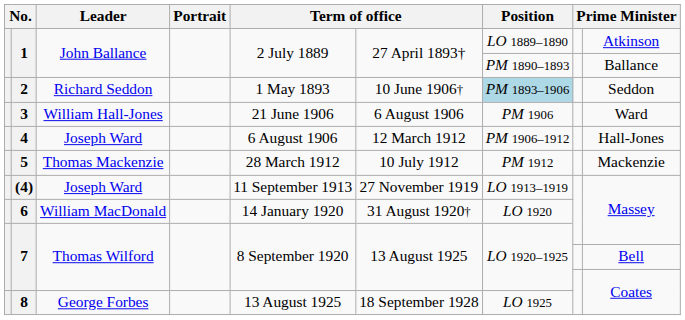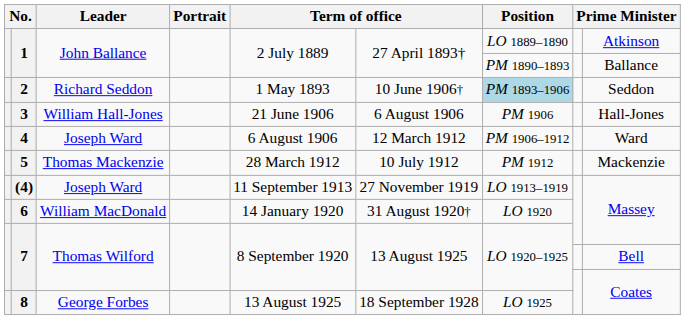 <table class="wikitable" style="text-align:center">
 <tr>
 <th colspan=2>No.</th>
 <th>Leader</th>
 <th>Portrait</th>
 <th colspan=2>Term of office</th>
 <th>Position</th>
 <th colspan=2>Prime Minister</th>
 </tr>
 <tr>
 <th rowspan=2 style="background:"></th>
 <th rowspan=2>1</th>
 <td rowspan=2><a href='#'>John Ballance</a></td>
 <td rowspan=2></td>
 <td rowspan=2>2 July 1889</td>
 <td rowspan=2>27 April 1893†</td>
 <td><em>LO</em> <small>1889–1890</small></td>
 <td style="background:"></td>
 <td><a href='#'>Atkinson</a></td>
 </tr>
 <tr>
 <td><em>PM</em> <small>1890–1893</small></td>
 <td style="background:"></td>
 <td>Ballance</td>
 </tr>
 <tr>
 <th style="background:"></th>
 <th>2</th>
 <td><a href='#'>Richard Seddon</a></td>
 <td></td>
 <td>1 May 1893</td>
 <td>10 June 1906<small>†</small></td>
 <td style="background: lightblue;"><em>PM</em> <small>1893–1906</small></td>
 <td style="background:"></td>
 <td>Seddon</td>
 </tr>
 <tr>
 <th style="background:"></th>
 <th>3</th>
 <td><a href='#'>William Hall-Jones</a></td>
 <td></td>
 <td>21 June 1906</td>
 <td>6 August 1906</td>
 <td><em>PM</em> <small>1906</small></td>
 <td style="background:"></td>
-<td>Ward</td>
+<td>Hall-Jones</td>
 </tr>
 <tr>
 <th style="background:"></th>
 <th>4</th>
 <td><a href='#'>Joseph Ward</a></td>
 <td></td>
 <td>6 August 1906</td>
 <td>12 March 1912</td>
 <td><em>PM</em> <small>1906–1912</small></td>
 <td style="background:"></td>
-<td>Hall-Jones</td>
+<td>Ward</td>
 </tr>
 <tr>
 <th style="background:"></th>
 <th>5</th>
 <td><a href='#'>Thomas Mackenzie</a></td>
 <td></td>
 <td>28 March 1912</td>
 <td>10 July 1912</td>
 <td><em>PM</em> <small>1912</small></td>
 <td style="background:"></td>
 <td>Mackenzie</td>
 </tr>
 <tr>
 <th style="background:"></th>
 <th>(4)</th>
 <td><a href='#'>Joseph Ward</a></td>
 <td></td>
 <td>11 September 1913</td>
 <td>27 November 1919</td>
 <td><em>LO</em> <small>1913–1919</small></td>
 <td rowspan=2 style="border-bottom:solid 0 grey; background:"></td>
 <td rowspan=3><a href='#'>Massey</a></td>
 </tr>
 <tr>
 <th style="background:"></th>
 <th>6</th>
 <td><a href='#'>William MacDonald</a></td>
 <td></td>
 <td>14 January 1920</td>
 <td>31 August 1920<small>†</small></td>
 <td><em>LO</em> <small>1920</small></td>
 </tr>
 <tr>
 <th rowspan=3 style="background:"></th>
 <th rowspan=3>7</th>
 <td rowspan=3><a href='#'>Thomas Wilford</a></td>
 <td rowspan=3></td>
 <td rowspan=3>8 September 1920</td>
 <td rowspan=3>13 August 1925</td>
 <td rowspan=3><em>LO</em> <small>1920–1925</small></td>
 <td height=15 style="border-top:solid 0 grey; background:"></td>
 </tr>
 <tr>
 <td style="background:"></td>
 <td><a href='#'>Bell</a></td>
 </tr>
 <tr>
 <td height=15 style="border-bottom:solid 0 grey; background:"></td>
 <td rowspan=2><a href='#'>Coates</a></td>
 </tr>
 <tr>
 <th style="background:"></th>
 <th>8</th>
 <td><a href='#'>George Forbes</a></td>
 <td></td>
 <td>13 August 1925</td>
 <td>18 September 1928</td>
 <td><em>LO</em> <small>1925</small></td>
 <td rowspan=4 style="border-top:solid 0 grey; background:"></td>
 </tr>
 </table>
